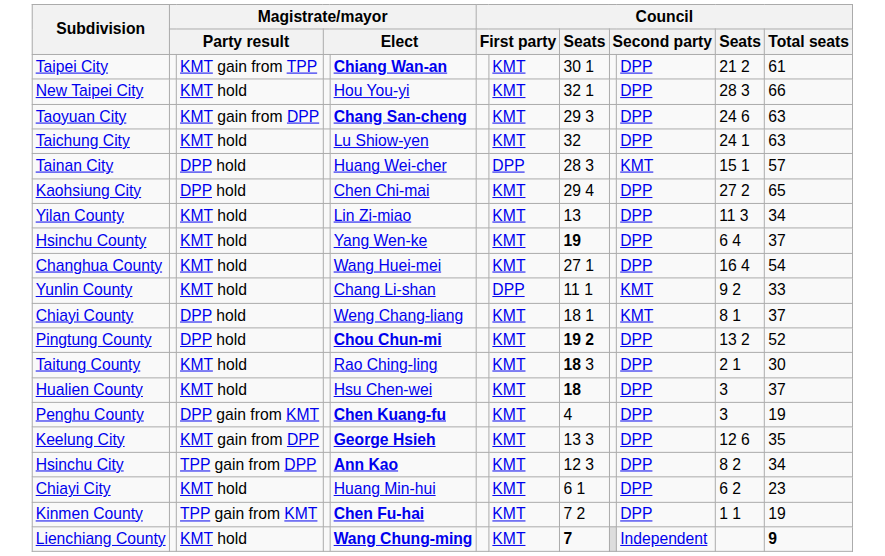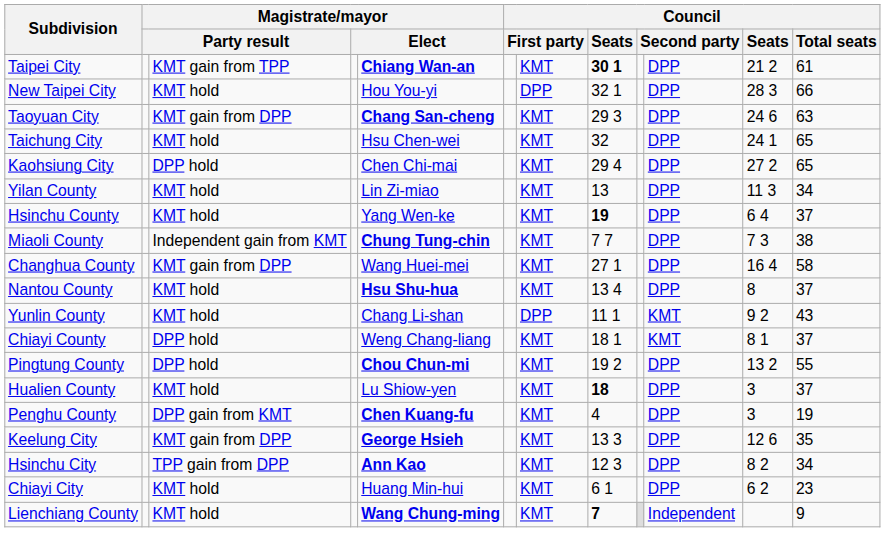 <table class="wikitable" style="margin-left: auto; margin-right: auto; border: none;">
 <tr>
 <th rowspan="2">Subdivision</th>
 <th colspan="4">Magistrate/mayor</th>
 <th colspan="7">Council</th>
 </tr>
 <tr>
 <th colspan="2">Party result</th>
 <th colspan="2">Elect</th>
 <th colspan="2">First party</th>
 <th>Seats</th>
 <th colspan="2">Second party</th>
 <th>Seats</th>
 <th>Total seats</th>
 </tr>
 <tr>
 <td><a href='#'>Taipei City</a></td>
 <td style="background-color:"></td>
 <td><a href='#'>KMT</a> gain from <a href='#'>TPP</a></td>
 <td></td>
 <td><strong><a href='#'>Chiang Wan-an</a></strong></td>
 <td style="background-color:"></td>
 <td><a href='#'>KMT</a></td>
-<td>30  1</td>
+<td><strong>30  1</strong></td>
 <td style="background-color:"></td>
 <td><a href='#'>DPP</a></td>
 <td>21  2</td>
 <td>61</td>
 </tr>
 <tr>
 <td><a href='#'>New Taipei City</a></td>
 <td style="background-color:"></td>
 <td><a href='#'>KMT</a> hold</td>
 <td></td>
 <td><a href='#'>Hou You-yi</a></td>
 <td style="background-color:"></td>
-<td><a href='#'>KMT</a></td>
+<td><a href='#'>DPP</a></td>
 <td>32  1</td>
 <td style="background-color:"></td>
 <td><a href='#'>DPP</a></td>
 <td>28  3</td>
 <td>66</td>
 </tr>
 <tr>
 <td><a href='#'>Taoyuan City</a></td>
 <td style="background-color:"></td>
 <td><a href='#'>KMT</a> gain from <a href='#'>DPP</a></td>
 <td></td>
 <td><strong><a href='#'>Chang San-cheng</a></strong></td>
 <td style="background-color:"></td>
 <td><a href='#'>KMT</a></td>
 <td>29  3</td>
 <td style="background-color:"></td>
 <td><a href='#'>DPP</a></td>
 <td>24  6</td>
 <td>63</td>
 </tr>
 <tr>
 <td><a href='#'>Taichung City</a></td>
 <td style="background-color:"></td>
 <td><a href='#'>KMT</a> hold</td>
 <td></td>
-<td><a href='#'>Lu Shiow-yen</a></td>
+<td><a href='#'>Hsu Chen-wei</a></td>
 <td style="background-color:"></td>
 <td><a href='#'>KMT</a></td>
 <td>32 </td>
 <td style="background-color:"></td>
 <td><a href='#'>DPP</a></td>
 <td>24  1</td>
-<td>63</td>
-</tr>
-<tr>
-<td><a href='#'>Tainan City</a></td>
-<td style="background-color:"></td>
-<td><a href='#'>DPP</a> hold</td>
-<td></td>
-<td><a href='#'>Huang Wei-cher</a></td>
-<td style="background-color:"></td>
-<td><a href='#'>DPP</a></td>
-<td>28  3</td>
-<td style="background-color:"></td>
-<td><a href='#'>KMT</a></td>
-<td>15  1</td>
-<td>57</td>
+<td>65</td>
 </tr>
 <tr>
 <td><a href='#'>Kaohsiung City</a></td>
 <td style="background-color:"></td>
 <td><a href='#'>DPP</a> hold</td>
 <td></td>
 <td><a href='#'>Chen Chi-mai</a></td>
 <td style="background-color:"></td>
 <td><a href='#'>KMT</a></td>
 <td>29  4</td>
 <td style="background-color:"></td>
 <td><a href='#'>DPP</a></td>
 <td>27  2</td>
 <td>65</td>
 </tr>
 <tr>
 <td><a href='#'>Yilan County</a></td>
 <td style="background-color:"></td>
 <td><a href='#'>KMT</a> hold</td>
 <td></td>
 <td><a href='#'>Lin Zi-miao</a></td>
 <td style="background-color:"></td>
 <td><a href='#'>KMT</a></td>
 <td>13 </td>
 <td style="background-color:"></td>
 <td><a href='#'>DPP</a></td>
 <td>11  3</td>
 <td>34</td>
 </tr>
 <tr>
 <td><a href='#'>Hsinchu County</a></td>
 <td style="background-color:"></td>
 <td><a href='#'>KMT</a> hold</td>
 <td></td>
 <td><a href='#'>Yang Wen-ke</a></td>
 <td style="background-color:"></td>
 <td><a href='#'>KMT</a></td>
 <td><strong>19</strong> </td>
 <td style="background-color:"></td>
 <td><a href='#'>DPP</a></td>
 <td>6  4</td>
 <td>37</td>
 </tr>
 <tr>
+<td><a href='#'>Miaoli County</a></td>
+<td style="background-color:"></td>
+<td>Independent gain from <a href='#'>KMT</a></td>
+<td></td>
+<td><strong><a href='#'>Chung Tung-chin</a></strong></td>
+<td style="background-color:"></td>
+<td><a href='#'>KMT</a></td>
+<td>7  7</td>
+<td style="background-color:"></td>
+<td><a href='#'>DPP</a></td>
+<td>7  3</td>
+<td>38</td>
+</tr>
+<tr>
 <td><a href='#'>Changhua County</a></td>
 <td style="background-color:"></td>
-<td><a href='#'>KMT</a> hold</td>
+<td><a href='#'>KMT</a> gain from <a href='#'>DPP</a></td>
 <td></td>
 <td><a href='#'>Wang Huei-mei</a></td>
 <td style="background-color:"></td>
 <td><a href='#'>KMT</a></td>
 <td>27  1</td>
 <td style="background-color:"></td>
 <td><a href='#'>DPP</a></td>
 <td>16  4</td>
-<td>54</td>
+<td>58</td>
+</tr>
+<tr>
+<td><a href='#'>Nantou County</a></td>
+<td style="background-color:"></td>
+<td><a href='#'>KMT</a> hold</td>
+<td></td>
+<td><strong><a href='#'>Hsu Shu-hua</a></strong></td>
+<td style="background-color:"></td>
+<td><a href='#'>KMT</a></td>
+<td>13  4</td>
+<td style="background-color:"></td>
+<td><a href='#'>DPP</a></td>
+<td>8 </td>
+<td>37</td>
 </tr>
 <tr>
 <td><a href='#'>Yunlin County</a></td>
 <td style="background-color:"></td>
 <td><a href='#'>KMT</a> hold</td>
 <td></td>
 <td><a href='#'>Chang Li-shan</a></td>
 <td style="background-color:"></td>
 <td><a href='#'>DPP</a></td>
 <td>11  1</td>
 <td style="background-color:"></td>
 <td><a href='#'>KMT</a></td>
 <td>9  2</td>
-<td>33</td>
+<td>43</td>
 </tr>
 <tr>
 <td><a href='#'>Chiayi County</a></td>
 <td style="background-color:"></td>
 <td><a href='#'>DPP</a> hold</td>
 <td></td>
 <td><a href='#'>Weng Chang-liang</a></td>
 <td style="background-color:"></td>
 <td><a href='#'>KMT</a></td>
 <td>18  1</td>
 <td style="background-color:"></td>
 <td><a href='#'>KMT</a></td>
 <td>8  1</td>
 <td>37</td>
 </tr>
 <tr>
 <td><a href='#'>Pingtung County</a></td>
 <td style="background-color:"></td>
 <td><a href='#'>DPP</a> hold</td>
 <td></td>
 <td><strong><a href='#'>Chou Chun-mi</a></strong></td>
 <td style="background-color:"></td>
 <td><a href='#'>KMT</a></td>
-<td><strong>19  2</strong></td>
+<td>19  2</td>
 <td style="background-color:"></td>
 <td><a href='#'>DPP</a></td>
 <td>13  2</td>
-<td>52</td>
-</tr>
-<tr>
-<td><a href='#'>Taitung County</a></td>
-<td style="background-color:"></td>
-<td><a href='#'>KMT</a> hold</td>
-<td></td>
-<td><a href='#'>Rao Ching-ling</a></td>
-<td style="background-color:"></td>
-<td><a href='#'>KMT</a></td>
-<td><strong>18</strong>  3</td>
-<td style="background-color:"></td>
-<td><a href='#'>DPP</a></td>
-<td>2  1</td>
-<td>30</td>
+<td>55</td>
 </tr>
 <tr>
 <td><a href='#'>Hualien County</a></td>
 <td style="background-color:"></td>
 <td><a href='#'>KMT</a> hold</td>
 <td></td>
-<td><a href='#'>Hsu Chen-wei</a></td>
+<td><a href='#'>Lu Shiow-yen</a></td>
 <td style="background-color:"></td>
 <td><a href='#'>KMT</a></td>
 <td><strong>18</strong> </td>
 <td style="background-color:"></td>
 <td><a href='#'>DPP</a></td>
 <td>3 </td>
 <td>37</td>
 </tr>
 <tr>
 <td><a href='#'>Penghu County</a></td>
 <td style="background-color:"></td>
 <td><a href='#'>DPP</a> gain from <a href='#'>KMT</a></td>
 <td></td>
 <td><strong><a href='#'>Chen Kuang-fu</a></strong></td>
 <td style="background-color:"></td>
 <td><a href='#'>KMT</a></td>
 <td>4 </td>
 <td style="background-color:"></td>
 <td><a href='#'>DPP</a></td>
 <td>3 </td>
 <td>19</td>
 </tr>
 <tr>
 <td><a href='#'>Keelung City</a></td>
 <td style="background-color:"></td>
 <td><a href='#'>KMT</a> gain from <a href='#'>DPP</a></td>
 <td></td>
 <td><strong><a href='#'>George Hsieh</a></strong></td>
 <td style="background-color:"></td>
 <td><a href='#'>KMT</a></td>
 <td>13  3</td>
 <td style="background-color:"></td>
 <td><a href='#'>DPP</a></td>
 <td>12  6</td>
 <td>35</td>
 </tr>
 <tr>
 <td><a href='#'>Hsinchu City</a></td>
 <td style="background-color:"></td>
 <td><a href='#'>TPP</a> gain from <a href='#'>DPP</a></td>
 <td></td>
 <td><strong><a href='#'>Ann Kao</a></strong></td>
 <td style="background-color:"></td>
 <td><a href='#'>KMT</a></td>
 <td>12  3</td>
 <td style="background-color:"></td>
 <td><a href='#'>DPP</a></td>
 <td>8  2</td>
 <td>34</td>
 </tr>
 <tr>
 <td><a href='#'>Chiayi City</a></td>
 <td style="background-color:"></td>
 <td><a href='#'>KMT</a> hold</td>
 <td></td>
 <td><a href='#'>Huang Min-hui</a></td>
 <td style="background-color:"></td>
 <td><a href='#'>KMT</a></td>
 <td>6  1</td>
 <td style="background-color:"></td>
 <td><a href='#'>DPP</a></td>
 <td>6  2</td>
 <td>23</td>
 </tr>
 <tr>
-<td><a href='#'>Kinmen County</a></td>
-<td style="background-color:"></td>
-<td><a href='#'>TPP</a> gain from <a href='#'>KMT</a></td>
-<td></td>
-<td><strong><a href='#'>Chen Fu-hai</a></strong></td>
-<td style="background-color:"></td>
-<td><a href='#'>KMT</a></td>
-<td>7  2</td>
-<td style="background-color:"></td>
-<td><a href='#'>DPP</a></td>
-<td>1  1</td>
-<td>19</td>
-</tr>
-<tr>
 <td><a href='#'>Lienchiang County</a></td>
 <td style="background-color:"></td>
 <td><a href='#'>KMT</a> hold</td>
 <td></td>
 <td><strong><a href='#'>Wang Chung-ming</a></strong></td>
 <td style="background-color:"></td>
 <td><a href='#'>KMT</a></td>
 <td><strong>7</strong> </td>
 <td style="background-color:#DDDDDD"></td>
 <td><a href='#'>Independent</a></td>
 <td></td>
-<td><strong>9</strong></td>
+<td>9</td>
 </tr>
 </table>
